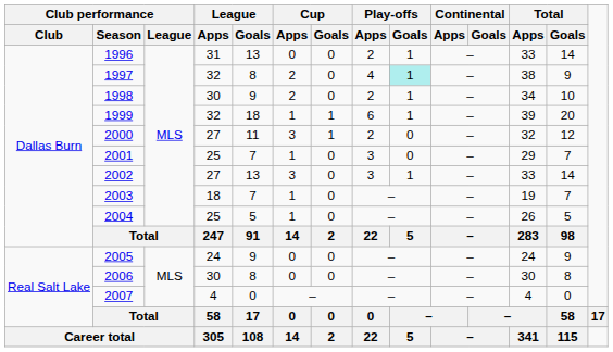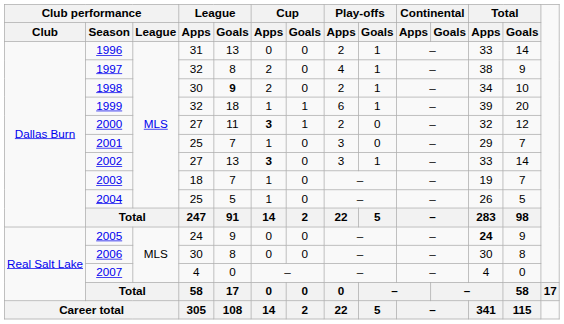 <table class="wikitable" style="text-align:center">
 <tr>
 <th colspan=3>Club performance</th>
 <th colspan=2>League</th>
 <th colspan=2>Cup</th>
 <th colspan=2>Play-offs</th>
 <th colspan=2>Continental</th>
 <th colspan=2>Total</th>
 </tr>
 <tr>
 <th>Club</th>
 <th>Season</th>
 <th>League</th>
 <th>Apps</th>
 <th>Goals</th>
 <th>Apps</th>
 <th>Goals</th>
 <th>Apps</th>
 <th>Goals</th>
 <th>Apps</th>
 <th>Goals</th>
 <th>Apps</th>
 <th>Goals</th>
 </tr>
 <tr>
 <td rowspan="10"><a href='#'>Dallas Burn</a></td>
 <td><a href='#'>1996</a></td>
 <td rowspan="9"><a href='#'>MLS</a></td>
 <td>31</td>
 <td>13</td>
 <td>0</td>
 <td>0</td>
 <td>2</td>
 <td>1</td>
 <td colspan="2">–</td>
 <td>33</td>
 <td>14</td>
 </tr>
 <tr>
 <td><a href='#'>1997</a></td>
 <td>32</td>
 <td>8</td>
 <td>2</td>
 <td>0</td>
 <td>4</td>
-<td style="background: paleturquoise;">1</td>
+<td>1</td>
 <td colspan="2">–</td>
 <td>38</td>
 <td>9</td>
 </tr>
 <tr>
 <td><a href='#'>1998</a></td>
 <td>30</td>
-<td>9</td>
+<td><strong>9</strong></td>
 <td>2</td>
 <td>0</td>
 <td>2</td>
 <td>1</td>
 <td colspan="2">–</td>
 <td>34</td>
 <td>10</td>
 </tr>
 <tr>
 <td><a href='#'>1999</a></td>
 <td>32</td>
 <td>18</td>
 <td>1</td>
 <td>1</td>
 <td>6</td>
 <td>1</td>
 <td colspan="2">–</td>
 <td>39</td>
 <td>20</td>
 </tr>
 <tr>
 <td><a href='#'>2000</a></td>
 <td>27</td>
 <td>11</td>
-<td>3</td>
+<td><strong>3</strong></td>
 <td>1</td>
 <td>2</td>
 <td>0</td>
 <td colspan="2">–</td>
 <td>32</td>
 <td>12</td>
 </tr>
 <tr>
 <td><a href='#'>2001</a></td>
 <td>25</td>
 <td>7</td>
 <td>1</td>
 <td>0</td>
 <td>3</td>
 <td>0</td>
 <td colspan="2">–</td>
 <td>29</td>
 <td>7</td>
 </tr>
 <tr>
 <td><a href='#'>2002</a></td>
 <td>27</td>
 <td>13</td>
-<td>3</td>
+<td><strong>3</strong></td>
 <td>0</td>
 <td>3</td>
 <td>1</td>
 <td colspan="2">–</td>
 <td>33</td>
 <td>14</td>
 </tr>
 <tr>
 <td><a href='#'>2003</a></td>
 <td>18</td>
 <td>7</td>
 <td>1</td>
 <td>0</td>
 <td colspan="2">–</td>
 <td colspan="2">–</td>
 <td>19</td>
 <td>7</td>
 </tr>
 <tr>
 <td><a href='#'>2004</a></td>
 <td>25</td>
 <td>5</td>
 <td>1</td>
 <td>0</td>
 <td colspan="2">–</td>
 <td colspan="2">–</td>
 <td>26</td>
 <td>5</td>
 </tr>
 <tr>
 <th colspan="2">Total</th>
 <th>247</th>
 <th>91</th>
 <th>14</th>
 <th>2</th>
 <th>22</th>
 <th>5</th>
 <th colspan="2">–</th>
 <th>283</th>
 <th>98</th>
 </tr>
 <tr>
 <td rowspan="4"><a href='#'>Real Salt Lake</a></td>
 <td><a href='#'>2005</a></td>
 <td rowspan="3">MLS</td>
 <td>24</td>
 <td>9</td>
 <td>0</td>
 <td>0</td>
 <td colspan="2">–</td>
 <td colspan="2">–</td>
-<td>24</td>
+<td><strong>24</strong></td>
 <td>9</td>
 </tr>
 <tr>
 <td><a href='#'>2006</a></td>
 <td>30</td>
 <td>8</td>
 <td>0</td>
 <td>0</td>
 <td colspan="2">–</td>
 <td colspan="2">–</td>
 <td>30</td>
 <td>8</td>
 </tr>
 <tr>
 <td><a href='#'>2007</a></td>
 <td>4</td>
 <td>0</td>
 <td colspan="2">–</td>
 <td colspan="2">–</td>
 <td colspan="2">–</td>
 <td>4</td>
 <td>0</td>
 </tr>
 <tr>
 <th colspan="2">Total</th>
 <th>58</th>
 <th>17</th>
 <th>0</th>
 <th>0</th>
 <th>0</th>
 <th colspan="2">–</th>
 <th colspan="2">–</th>
 <th>58</th>
 <th>17</th>
 </tr>
 <tr>
 <th colspan="3">Career total</th>
 <th>305</th>
 <th>108</th>
 <th>14</th>
 <th>2</th>
 <th>22</th>
 <th>5</th>
 <th colspan="2">–</th>
 <th>341</th>
 <th>115</th>
 </tr>
 </table>
